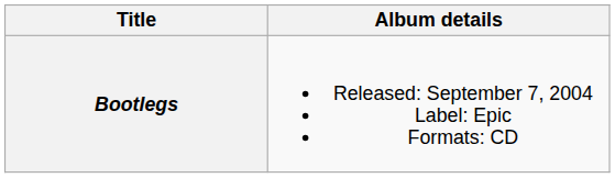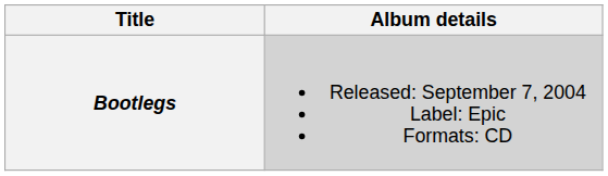 <table class="wikitable plainrowheaders" style="text-align:center;">
 <tr>
 <th scope="col" style="width:13em;">Title</th>
 <th scope="col" style="width:17em;">Album details</th>
 </tr>
 <tr>
 <th scope="row"><em>Bootlegs</em></th>
-<td><br><ul><li>Released: September 7, 2004</li><li>Label: Epic</li><li>Formats: CD</li></ul></td>
+<td style="background: lightgrey;"><br><ul><li>Released: September 7, 2004</li><li>Label: Epic</li><li>Formats: CD</li></ul></td>
 </tr>
 </table>
